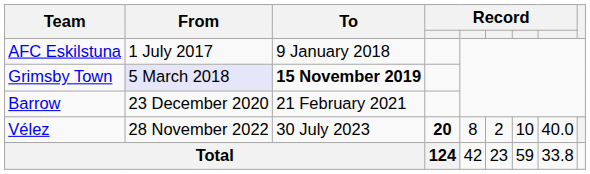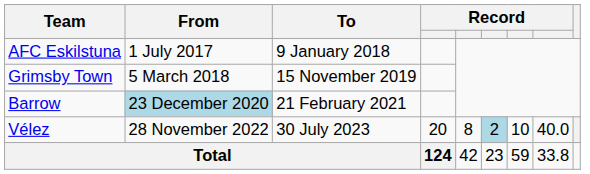 <table class=wikitable style="text-align: center">
 <tr>
 <th rowspan=2>Team</th>
 <th rowspan=2>From</th>
 <th rowspan=2>To</th>
 <th colspan=5>Record</th>
 <th rowspan=2></th>
 </tr>
 <tr>
 <th></th>
 <th></th>
 <th></th>
 <th></th>
 <th></th>
 </tr>
 <tr>
 <td align=left><a href='#'>AFC Eskilstuna</a></td>
 <td align=left>1 July 2017</td>
 <td align=left>9 January 2018<br></td>
 <td></td>
 </tr>
 <tr>
 <td align=left><a href='#'>Grimsby Town</a></td>
-<td align=left style="background: lavender;">5 March 2018</td>
-<td align=left><strong>15 November 2019<br></strong></td>
+<td align=left>5 March 2018</td>
+<td align=left>15 November 2019<br></td>
 <td></td>
 </tr>
 <tr>
 <td align=left><a href='#'>Barrow</a></td>
-<td align=left>23 December 2020</td>
+<td align=left style="background: lightblue;">23 December 2020</td>
 <td align=left>21 February 2021<br></td>
 <td></td>
 </tr>
 <tr>
 <td align=left><a href='#'>Vélez</a></td>
 <td align=left>28 November 2022</td>
 <td align=left>30 July 2023</td>
-<td><strong>20</strong></td>
+<td>20</td>
 <td>8</td>
-<td>2</td>
+<td style="background: lightblue;">2</td>
 <td>10</td>
 <td>40.0</td>
 <th></th>
 </tr>
 <tr>
 <th colspan="3">Total</th>
 <th>124</th>
 <td>42</td>
 <td>23</td>
 <td>59</td>
 <td>33.8</td>
 </tr>
 </table>
